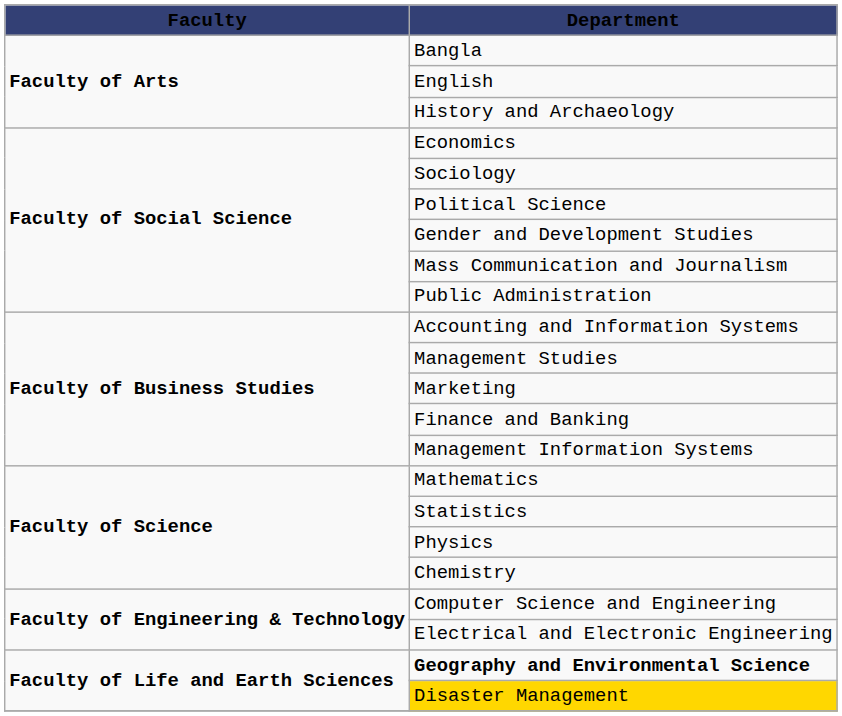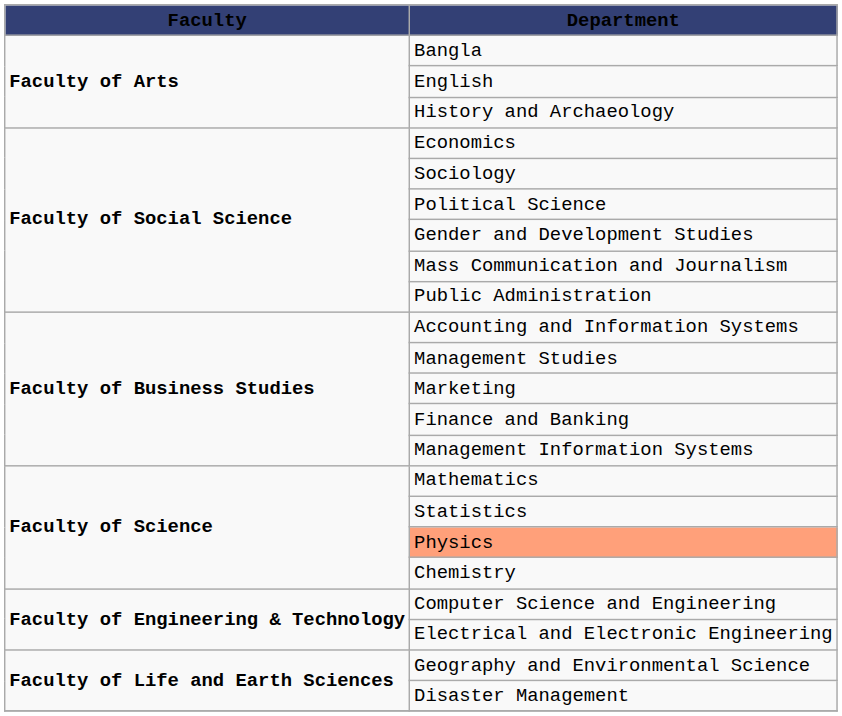 <table class = "wikitable">
 <tr>
 <th style='background: #334075'><span>Faculty</span></th>
 <th style='background: #334075'><span>Department</span></th>
 </tr>
 <tr>
 <td rowspan=3><strong>Faculty of Arts</strong></td>
 <td>Bangla</td>
 </tr>
 <tr>
 <td>English</td>
 </tr>
 <tr>
 <td>History and Archaeology</td>
 </tr>
 <tr>
 <td rowspan=6><strong>Faculty of Social Science</strong></td>
 <td>Economics</td>
 </tr>
 <tr>
 <td>Sociology</td>
 </tr>
 <tr>
 <td>Political Science</td>
 </tr>
 <tr>
 <td>Gender and Development Studies</td>
 </tr>
 <tr>
 <td>Mass Communication and Journalism</td>
 </tr>
 <tr>
 <td>Public Administration</td>
 </tr>
 <tr>
 <td rowspan=5><strong>Faculty of Business Studies</strong></td>
 <td>Accounting and Information Systems</td>
 </tr>
 <tr>
 <td>Management Studies</td>
 </tr>
 <tr>
 <td>Marketing</td>
 </tr>
 <tr>
 <td>Finance and Banking</td>
 </tr>
 <tr>
 <td>Management Information Systems</td>
 </tr>
 <tr>
 <td rowspan=4><strong>Faculty of Science</strong></td>
 <td>Mathematics</td>
 </tr>
 <tr>
 <td>Statistics</td>
 </tr>
 <tr>
-<td>Physics</td>
+<td style="background: lightsalmon;">Physics</td>
 </tr>
 <tr>
 <td>Chemistry</td>
 </tr>
 <tr>
 <td rowspan=2><strong>Faculty of Engineering & Technology</strong></td>
 <td>Computer Science and Engineering</td>
 </tr>
 <tr>
 <td>Electrical and Electronic Engineering</td>
 </tr>
 <tr>
 <td rowspan=2><strong>Faculty of Life and Earth Sciences</strong></td>
-<td><strong>Geography and Environmental Science</strong></td>
+<td>Geography and Environmental Science</td>
 </tr>
 <tr>
-<td style="background: gold;">Disaster Management</td>
+<td>Disaster Management</td>
 </tr>
 <tr>
 </tr>
 </table>
